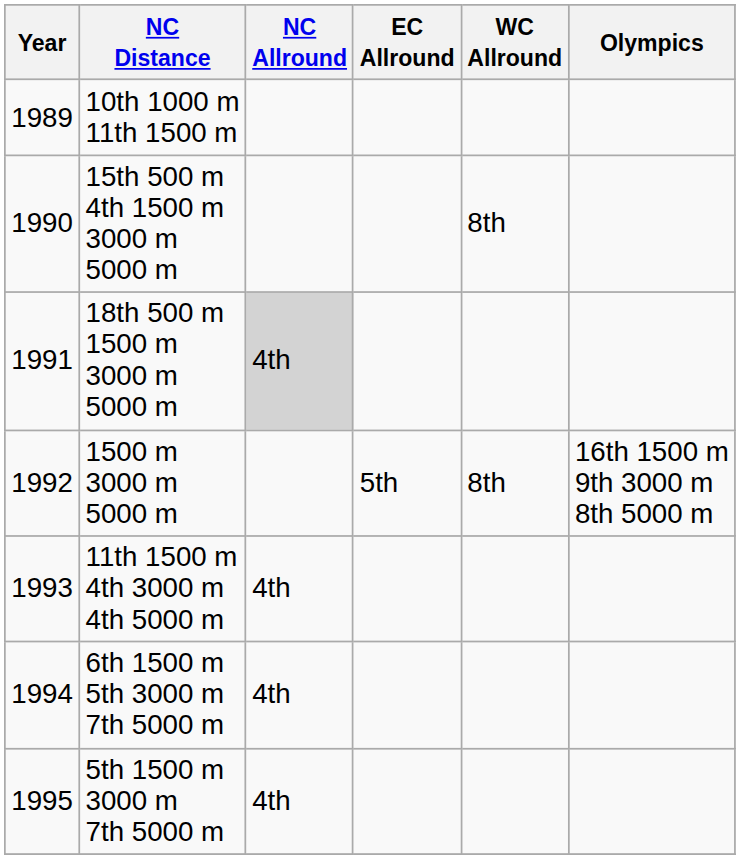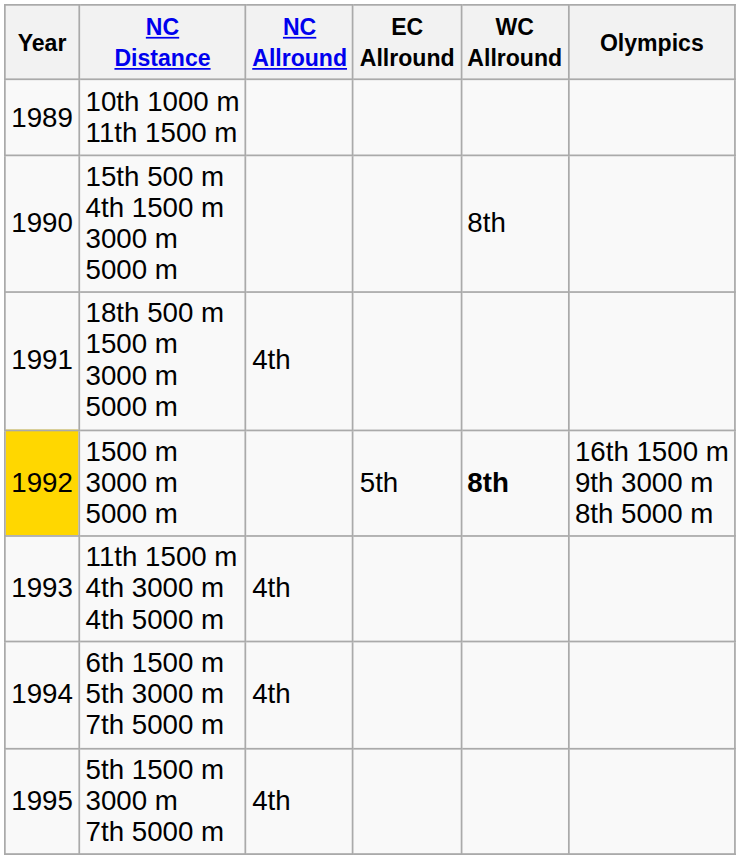 <table class="wikitable">
 <tr>
 <th><small> Year </small></th>
 <th><small> <a href='#'>NC<br>Distance</a> </small></th>
 <th><small> <a href='#'>NC<br>Allround</a> </small></th>
 <th><small> EC<br>Allround </small></th>
 <th><small> WC<br>Allround </small></th>
 <th><small> Olympics</small></th>
 </tr>
 <tr>
 <td>1989</td>
 <td>10th 1000 m<br>11th 1500 m</td>
 <td></td>
 <td></td>
 <td></td>
 <td></td>
 </tr>
 <tr>
 <td>1990</td>
 <td>15th 500 m<br>4th 1500 m<br> 3000 m<br>  5000 m</td>
 <td></td>
 <td></td>
 <td>8th</td>
 <td></td>
 </tr>
 <tr>
 <td>1991</td>
 <td>18th 500 m<br> 1500 m<br> 3000 m<br> 5000 m</td>
-<td style="background: lightgrey;">4th</td>
+<td>4th</td>
 <td></td>
 <td></td>
 <td></td>
 </tr>
 <tr>
-<td>1992</td>
+<td style="background: gold;">1992</td>
 <td> 1500 m<br> 3000 m<br> 5000 m</td>
 <td></td>
 <td>5th</td>
-<td>8th</td>
+<td><strong>8th</strong></td>
 <td>16th 1500 m<br>9th 3000 m<br>8th 5000 m</td>
 </tr>
 <tr>
 <td>1993</td>
 <td>11th 1500 m<br>4th 3000 m<br>4th 5000 m</td>
 <td>4th</td>
 <td></td>
 <td></td>
 <td></td>
 </tr>
 <tr>
 <td>1994</td>
 <td>6th 1500 m<br>5th 3000 m<br>7th 5000 m</td>
 <td>4th</td>
 <td></td>
 <td></td>
 <td></td>
 </tr>
 <tr>
 <td>1995</td>
 <td>5th 1500 m<br>  3000 m<br>7th 5000 m</td>
 <td>4th</td>
 <td></td>
 <td></td>
 <td></td>
 </tr>
 <tr>
 </tr>
 </table>
